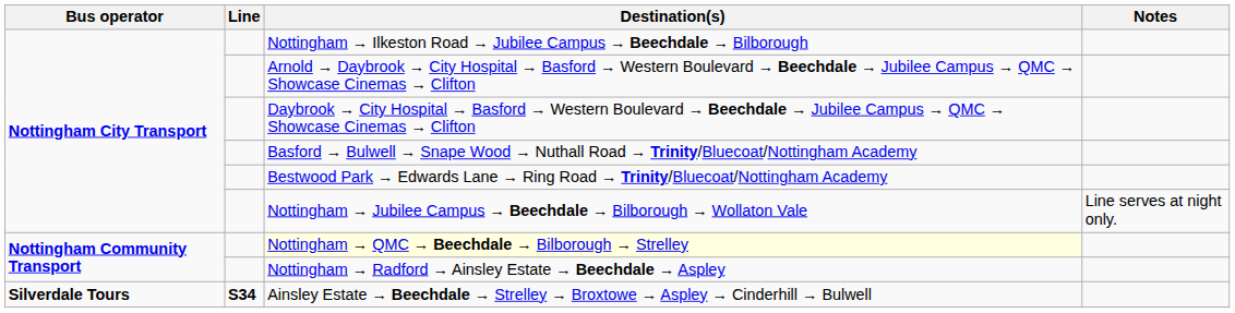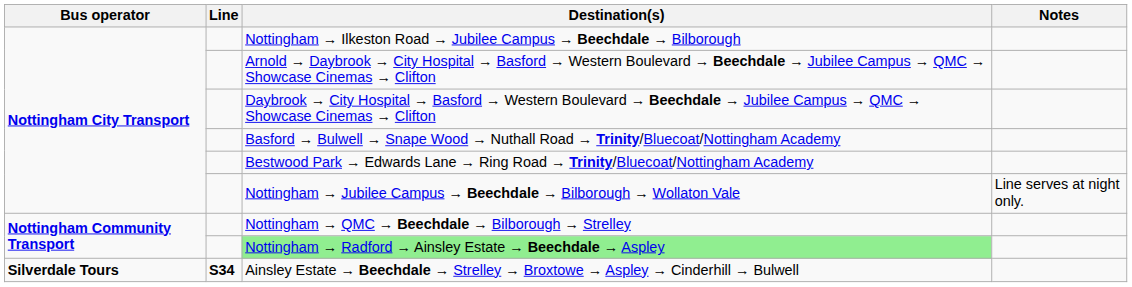 <table class="wikitable">
 <tr>
 <th>Bus operator</th>
 <th>Line</th>
 <th>Destination(s)</th>
 <th>Notes</th>
 </tr>
 <tr>
 <td rowspan="6"><strong><a href='#'>Nottingham City Transport</a></strong></td>
 <td><strong></strong></td>
 <td><a href='#'>Nottingham</a> → Ilkeston Road → <a href='#'>Jubilee Campus</a> → <strong>Beechdale</strong> → <a href='#'>Bilborough</a></td>
 <td></td>
 </tr>
 <tr>
 <td><strong></strong></td>
 <td><a href='#'>Arnold</a> → <a href='#'>Daybrook</a> → <a href='#'>City Hospital</a> → <a href='#'>Basford</a> → Western Boulevard → <strong>Beechdale</strong> → <a href='#'>Jubilee Campus</a> → <a href='#'>QMC</a> → <a href='#'>Showcase Cinemas</a> → <a href='#'>Clifton</a></td>
 <td></td>
 </tr>
 <tr>
 <td><strong></strong></td>
 <td><a href='#'>Daybrook</a> → <a href='#'>City Hospital</a> → <a href='#'>Basford</a> → Western Boulevard → <strong>Beechdale</strong> → <a href='#'>Jubilee Campus</a> → <a href='#'>QMC</a> → <a href='#'>Showcase Cinemas</a> → <a href='#'>Clifton</a></td>
 <td></td>
 </tr>
 <tr>
 <td><strong></strong></td>
 <td><a href='#'>Basford</a> → <a href='#'>Bulwell</a> → <a href='#'>Snape Wood</a> → Nuthall Road → <strong><a href='#'>Trinity</a></strong>/<a href='#'>Bluecoat</a>/<a href='#'>Nottingham Academy</a></td>
 <td></td>
 </tr>
 <tr>
 <td><strong></strong></td>
 <td><a href='#'>Bestwood Park</a> → Edwards Lane → Ring Road → <strong><a href='#'>Trinity</a></strong>/<a href='#'>Bluecoat</a>/<a href='#'>Nottingham Academy</a></td>
 <td></td>
 </tr>
 <tr>
 <td><strong></strong></td>
 <td><a href='#'>Nottingham</a> → <a href='#'>Jubilee Campus</a> → <strong>Beechdale</strong> → <a href='#'>Bilborough</a> → <a href='#'>Wollaton Vale</a></td>
 <td>Line serves at night only.</td>
 </tr>
 <tr>
 <td rowspan="2"><strong><a href='#'>Nottingham Community Transport</a></strong></td>
 <td><strong></strong></td>
-<td style="background: lightyellow;"><a href='#'>Nottingham</a> → <a href='#'>QMC</a> → <strong>Beechdale</strong> → <a href='#'>Bilborough</a> → <a href='#'>Strelley</a></td>
+<td><a href='#'>Nottingham</a> → <a href='#'>QMC</a> → <strong>Beechdale</strong> → <a href='#'>Bilborough</a> → <a href='#'>Strelley</a></td>
 <td></td>
 </tr>
 <tr>
 <td><strong></strong></td>
-<td><a href='#'>Nottingham</a> → <a href='#'>Radford</a> → Ainsley Estate → <strong>Beechdale</strong> → <a href='#'>Aspley</a></td>
+<td style="background: lightgreen;"><a href='#'>Nottingham</a> → <a href='#'>Radford</a> → Ainsley Estate → <strong>Beechdale</strong> → <a href='#'>Aspley</a></td>
 <td></td>
 </tr>
 <tr>
 <td rowspan="1"><strong>Silverdale Tours</strong></td>
 <td><strong>S34</strong></td>
 <td>Ainsley Estate → <strong>Beechdale</strong> → <a href='#'>Strelley</a> → <a href='#'>Broxtowe</a> → <a href='#'>Aspley</a> → Cinderhill → Bulwell</td>
 <td></td>
 </tr>
 </table>
